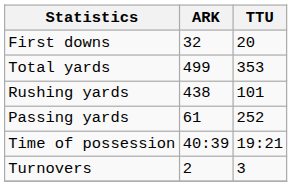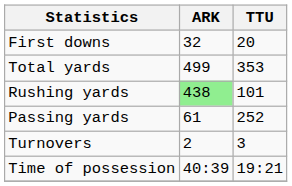 <table class="wikitable" style="float: left;">
 <tr>
 <th>Statistics</th>
 <th>ARK</th>
 <th>TTU</th>
 </tr>
 <tr>
 <td>First downs</td>
 <td>32</td>
 <td>20</td>
 </tr>
 <tr>
 <td>Total yards</td>
 <td>499</td>
 <td>353</td>
 </tr>
 <tr>
 <td>Rushing yards</td>
-<td>438</td>
+<td style="background: lightgreen;">438</td>
 <td>101</td>
 </tr>
 <tr>
 <td>Passing yards</td>
 <td>61</td>
 <td>252</td>
 </tr>
 <tr>
+<td>Turnovers</td>
+<td>2</td>
+<td>3</td>
+</tr>
+<tr>
 <td>Time of possession</td>
 <td>40:39</td>
 <td>19:21</td>
 </tr>
 <tr>
-<td>Turnovers</td>
-<td>2</td>
-<td>3</td>
-</tr>
-<tr>
 </tr>
 </table>
